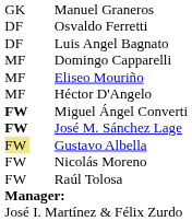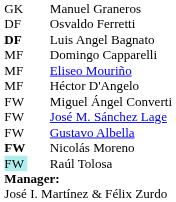 <table style="font-size: 90%; margin:0.5em auto;" cellspacing="0" cellpadding="0">
 <tr>
 <th width=25></th>
 <th width=25></th>
 </tr>
 <tr>
 <td>GK</td>
 <td></td>
 <td> Manuel Graneros</td>
 </tr>
 <tr>
 <td>DF</td>
 <td></td>
 <td> Osvaldo Ferretti</td>
 </tr>
 <tr>
-<td>DF</td>
+<td><strong>DF</strong></td>
 <td></td>
 <td> Luis Angel Bagnato</td>
 </tr>
 <tr>
 <td>MF</td>
 <td></td>
 <td> Domingo Capparelli</td>
 </tr>
 <tr>
 <td>MF</td>
 <td></td>
 <td> <a href='#'>Eliseo Mouriño</a></td>
 </tr>
 <tr>
 <td>MF</td>
 <td></td>
 <td> Héctor D'Angelo</td>
 </tr>
 <tr>
-<td><strong>FW</strong></td>
+<td>FW</td>
 <td></td>
 <td> Miguel Ángel Converti</td>
 </tr>
 <tr>
-<td><strong>FW</strong></td>
+<td>FW</td>
 <td></td>
 <td> <a href='#'>José M. Sánchez Lage</a></td>
 </tr>
 <tr>
-<td style="background: khaki;">FW</td>
+<td>FW</td>
 <td></td>
 <td> <a href='#'>Gustavo Albella</a></td>
 </tr>
 <tr>
-<td>FW</td>
+<td><strong>FW</strong></td>
 <td></td>
 <td> Nicolás Moreno</td>
 </tr>
 <tr>
-<td>FW</td>
+<td style="background: paleturquoise;">FW</td>
 <td></td>
 <td> Raúl Tolosa</td>
 </tr>
 <tr>
 <td colspan=3><strong>Manager:</strong></td>
 </tr>
 <tr>
 <td colspan=4> José I. Martínez & Félix Zurdo</td>
 </tr>
 </table>
